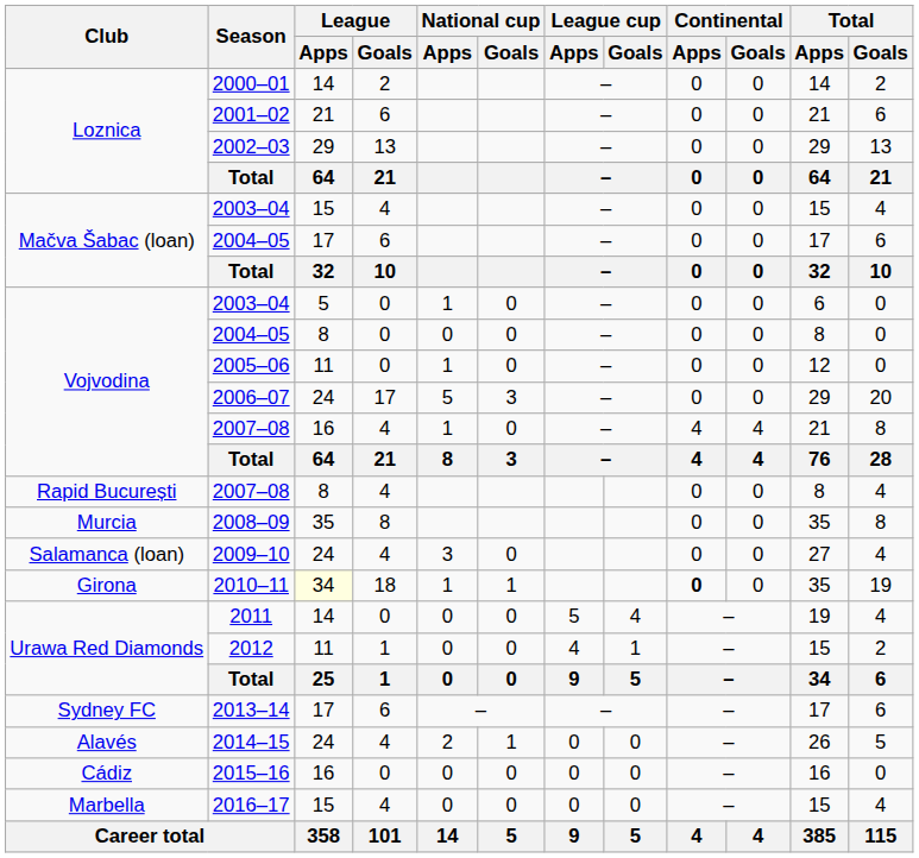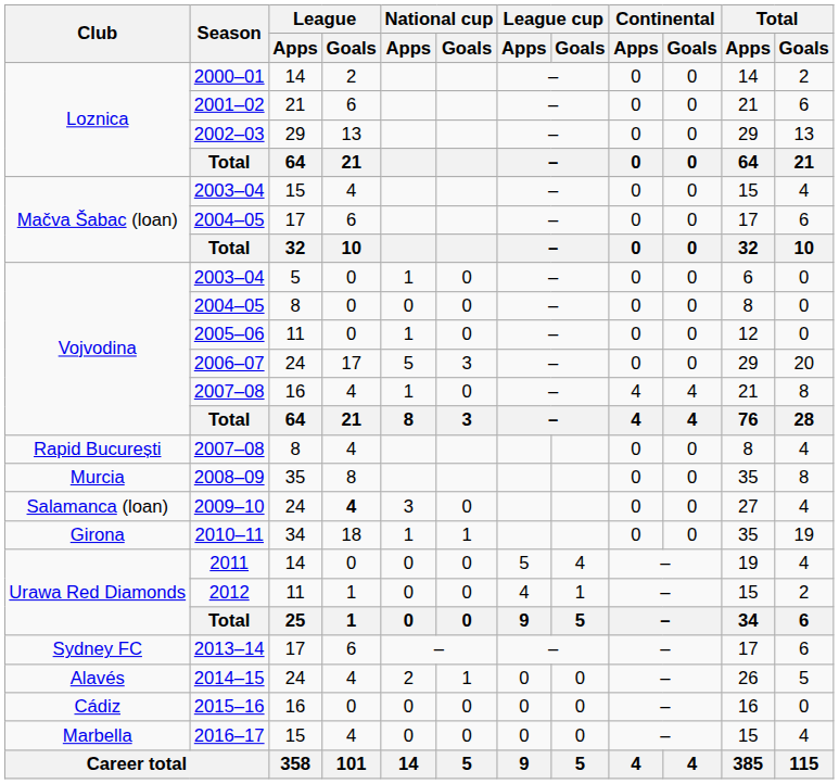 <table class="wikitable" style="text-align:center">
 <tr>
 <th rowspan="2">Club</th>
 <th rowspan="2">Season</th>
 <th colspan="2">League</th>
 <th colspan="2">National cup</th>
 <th colspan="2">League cup</th>
 <th colspan="2">Continental</th>
 <th colspan="2">Total</th>
 </tr>
 <tr>
 <th>Apps</th>
 <th>Goals</th>
 <th>Apps</th>
 <th>Goals</th>
 <th>Apps</th>
 <th>Goals</th>
 <th>Apps</th>
 <th>Goals</th>
 <th>Apps</th>
 <th>Goals</th>
 </tr>
 <tr>
 <td rowspan="4"><a href='#'>Loznica</a></td>
 <td><a href='#'>2000–01</a></td>
 <td>14</td>
 <td>2</td>
 <td></td>
 <td></td>
 <td colspan="2">–</td>
 <td>0</td>
 <td>0</td>
 <td>14</td>
 <td>2</td>
 </tr>
 <tr>
 <td><a href='#'>2001–02</a></td>
 <td>21</td>
 <td>6</td>
 <td></td>
 <td></td>
 <td colspan="2">–</td>
 <td>0</td>
 <td>0</td>
 <td>21</td>
 <td>6</td>
 </tr>
 <tr>
 <td><a href='#'>2002–03</a></td>
 <td>29</td>
 <td>13</td>
 <td></td>
 <td></td>
 <td colspan="2">–</td>
 <td>0</td>
 <td>0</td>
 <td>29</td>
 <td>13</td>
 </tr>
 <tr>
 <th colspan="1">Total</th>
 <th>64</th>
 <th>21</th>
 <th></th>
 <th></th>
 <th colspan="2">–</th>
 <th>0</th>
 <th>0</th>
 <th>64</th>
 <th>21</th>
 </tr>
 <tr>
 <td rowspan="3"><a href='#'>Mačva Šabac</a> (loan)</td>
 <td><a href='#'>2003–04</a></td>
 <td>15</td>
 <td>4</td>
 <td></td>
 <td></td>
 <td colspan="2">–</td>
 <td>0</td>
 <td>0</td>
 <td>15</td>
 <td>4</td>
 </tr>
 <tr>
 <td><a href='#'>2004–05</a></td>
 <td>17</td>
 <td>6</td>
 <td></td>
 <td></td>
 <td colspan="2">–</td>
 <td>0</td>
 <td>0</td>
 <td>17</td>
 <td>6</td>
 </tr>
 <tr>
 <th colspan="1">Total</th>
 <th>32</th>
 <th>10</th>
 <th></th>
 <th></th>
 <th colspan="2">–</th>
 <th>0</th>
 <th>0</th>
 <th>32</th>
 <th>10</th>
 </tr>
 <tr>
 <td rowspan="6"><a href='#'>Vojvodina</a></td>
 <td><a href='#'>2003–04</a></td>
 <td>5</td>
 <td>0</td>
 <td>1</td>
 <td>0</td>
 <td colspan="2">–</td>
 <td>0</td>
 <td>0</td>
 <td>6</td>
 <td>0</td>
 </tr>
 <tr>
 <td><a href='#'>2004–05</a></td>
 <td>8</td>
 <td>0</td>
 <td>0</td>
 <td>0</td>
 <td colspan="2">–</td>
 <td>0</td>
 <td>0</td>
 <td>8</td>
 <td>0</td>
 </tr>
 <tr>
 <td><a href='#'>2005–06</a></td>
 <td>11</td>
 <td>0</td>
 <td>1</td>
 <td>0</td>
 <td colspan="2">–</td>
 <td>0</td>
 <td>0</td>
 <td>12</td>
 <td>0</td>
 </tr>
 <tr>
 <td><a href='#'>2006–07</a></td>
 <td>24</td>
 <td>17</td>
 <td>5</td>
 <td>3</td>
 <td colspan="2">–</td>
 <td>0</td>
 <td>0</td>
 <td>29</td>
 <td>20</td>
 </tr>
 <tr>
 <td><a href='#'>2007–08</a></td>
 <td>16</td>
 <td>4</td>
 <td>1</td>
 <td>0</td>
 <td colspan="2">–</td>
 <td>4</td>
 <td>4</td>
 <td>21</td>
 <td>8</td>
 </tr>
 <tr>
 <th colspan="1">Total</th>
 <th>64</th>
 <th>21</th>
 <th>8</th>
 <th>3</th>
 <th colspan="2">–</th>
 <th>4</th>
 <th>4</th>
 <th>76</th>
 <th>28</th>
 </tr>
 <tr>
 <td><a href='#'>Rapid București</a></td>
 <td><a href='#'>2007–08</a></td>
 <td>8</td>
 <td>4</td>
 <td></td>
 <td></td>
 <td></td>
 <td></td>
 <td>0</td>
 <td>0</td>
 <td>8</td>
 <td>4</td>
 </tr>
 <tr>
 <td><a href='#'>Murcia</a></td>
 <td><a href='#'>2008–09</a></td>
 <td>35</td>
 <td>8</td>
 <td></td>
 <td></td>
 <td></td>
 <td></td>
 <td>0</td>
 <td>0</td>
 <td>35</td>
 <td>8</td>
 </tr>
 <tr>
 <td><a href='#'>Salamanca</a> (loan)</td>
 <td><a href='#'>2009–10</a></td>
 <td>24</td>
-<td>4</td>
+<td><strong>4</strong></td>
 <td>3</td>
 <td>0</td>
 <td></td>
 <td></td>
 <td>0</td>
 <td>0</td>
 <td>27</td>
 <td>4</td>
 </tr>
 <tr>
 <td><a href='#'>Girona</a></td>
 <td><a href='#'>2010–11</a></td>
-<td style="background: lightyellow;">34</td>
+<td>34</td>
 <td>18</td>
 <td>1</td>
 <td>1</td>
 <td></td>
 <td></td>
-<td><strong>0</strong></td>
+<td>0</td>
 <td>0</td>
 <td>35</td>
 <td>19</td>
 </tr>
 <tr>
 <td rowspan="3"><a href='#'>Urawa Red Diamonds</a></td>
 <td><a href='#'>2011</a></td>
 <td>14</td>
 <td>0</td>
 <td>0</td>
 <td>0</td>
 <td>5</td>
 <td>4</td>
 <td colspan="2">–</td>
 <td>19</td>
 <td>4</td>
 </tr>
 <tr>
 <td><a href='#'>2012</a></td>
 <td>11</td>
 <td>1</td>
 <td>0</td>
 <td>0</td>
 <td>4</td>
 <td>1</td>
 <td colspan="2">–</td>
 <td>15</td>
 <td>2</td>
 </tr>
 <tr>
 <th colspan="1">Total</th>
 <th>25</th>
 <th>1</th>
 <th>0</th>
 <th>0</th>
 <th>9</th>
 <th>5</th>
 <th colspan="2">–</th>
 <th>34</th>
 <th>6</th>
 </tr>
 <tr>
 <td><a href='#'>Sydney FC</a></td>
 <td><a href='#'>2013–14</a></td>
 <td>17</td>
 <td>6</td>
 <td colspan="2">–</td>
 <td colspan="2">–</td>
 <td colspan="2">–</td>
 <td>17</td>
 <td>6</td>
 </tr>
 <tr>
 <td><a href='#'>Alavés</a></td>
 <td><a href='#'>2014–15</a></td>
 <td>24</td>
 <td>4</td>
 <td>2</td>
 <td>1</td>
 <td>0</td>
 <td>0</td>
 <td colspan="2">–</td>
 <td>26</td>
 <td>5</td>
 </tr>
 <tr>
 <td><a href='#'>Cádiz</a></td>
 <td><a href='#'>2015–16</a></td>
 <td>16</td>
 <td>0</td>
 <td>0</td>
 <td>0</td>
 <td>0</td>
 <td>0</td>
 <td colspan="2">–</td>
 <td>16</td>
 <td>0</td>
 </tr>
 <tr>
 <td><a href='#'>Marbella</a></td>
 <td><a href='#'>2016–17</a></td>
 <td>15</td>
 <td>4</td>
 <td>0</td>
 <td>0</td>
 <td>0</td>
 <td>0</td>
 <td colspan="2">–</td>
 <td>15</td>
 <td>4</td>
 </tr>
 <tr>
 <th colspan="2">Career total</th>
 <th>358</th>
 <th>101</th>
 <th>14</th>
 <th>5</th>
 <th>9</th>
 <th>5</th>
 <th>4</th>
 <th>4</th>
 <th>385</th>
 <th>115</th>
 </tr>
 </table>
